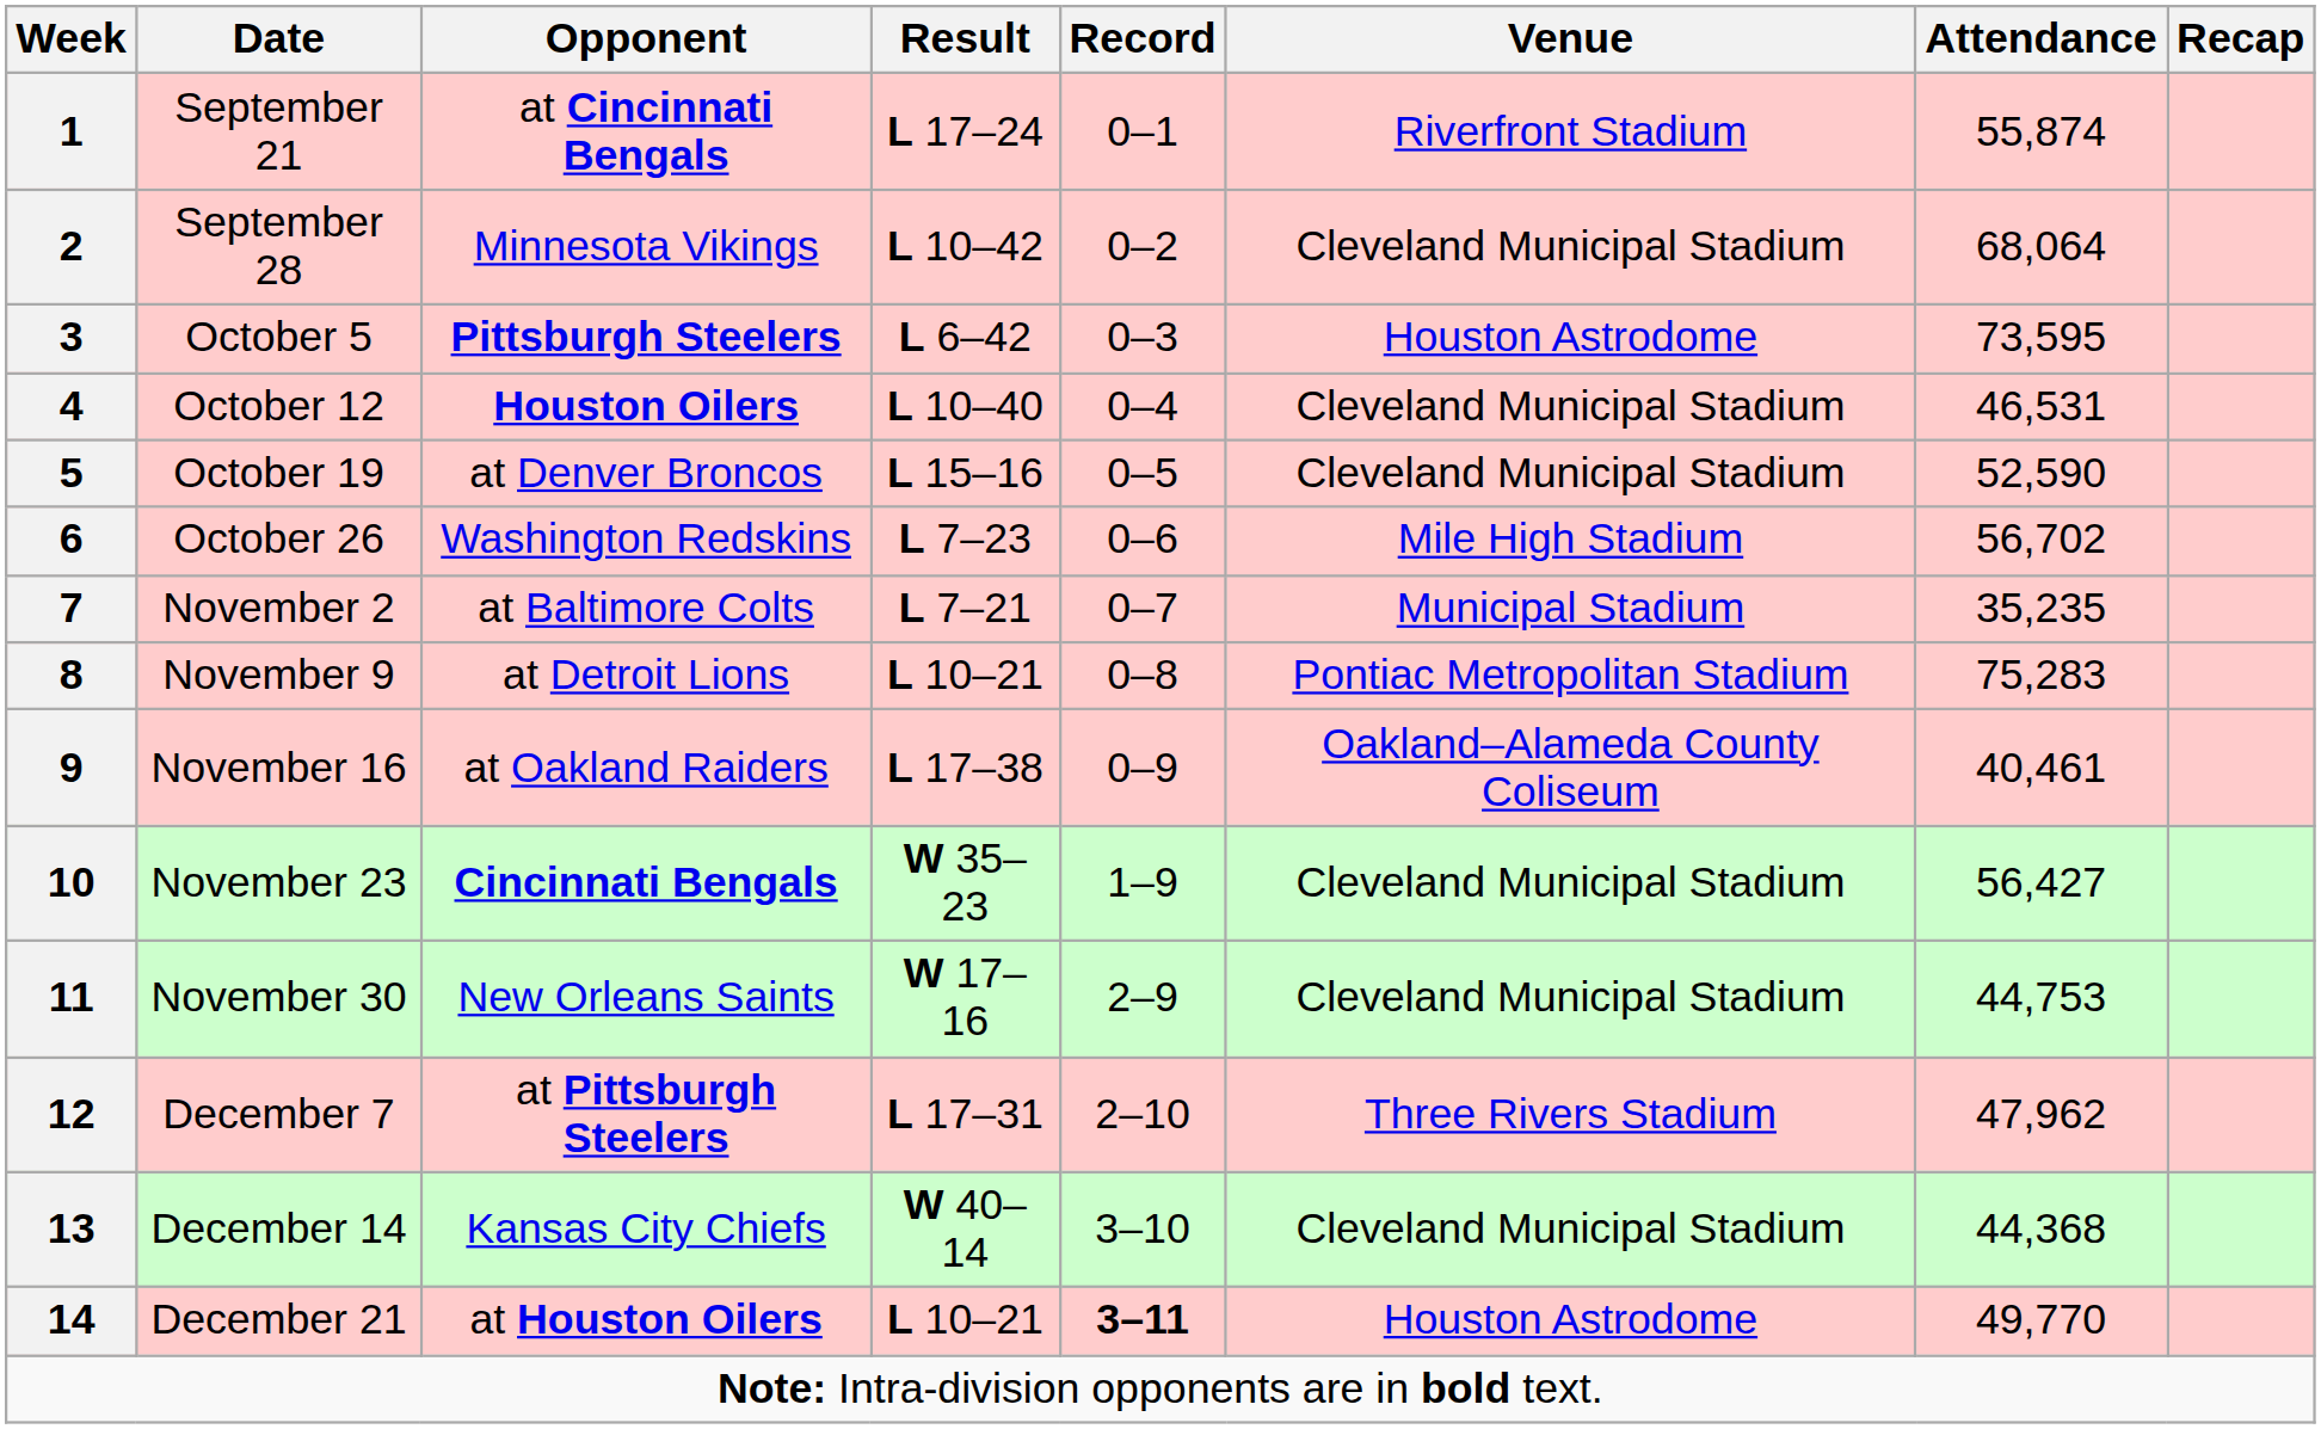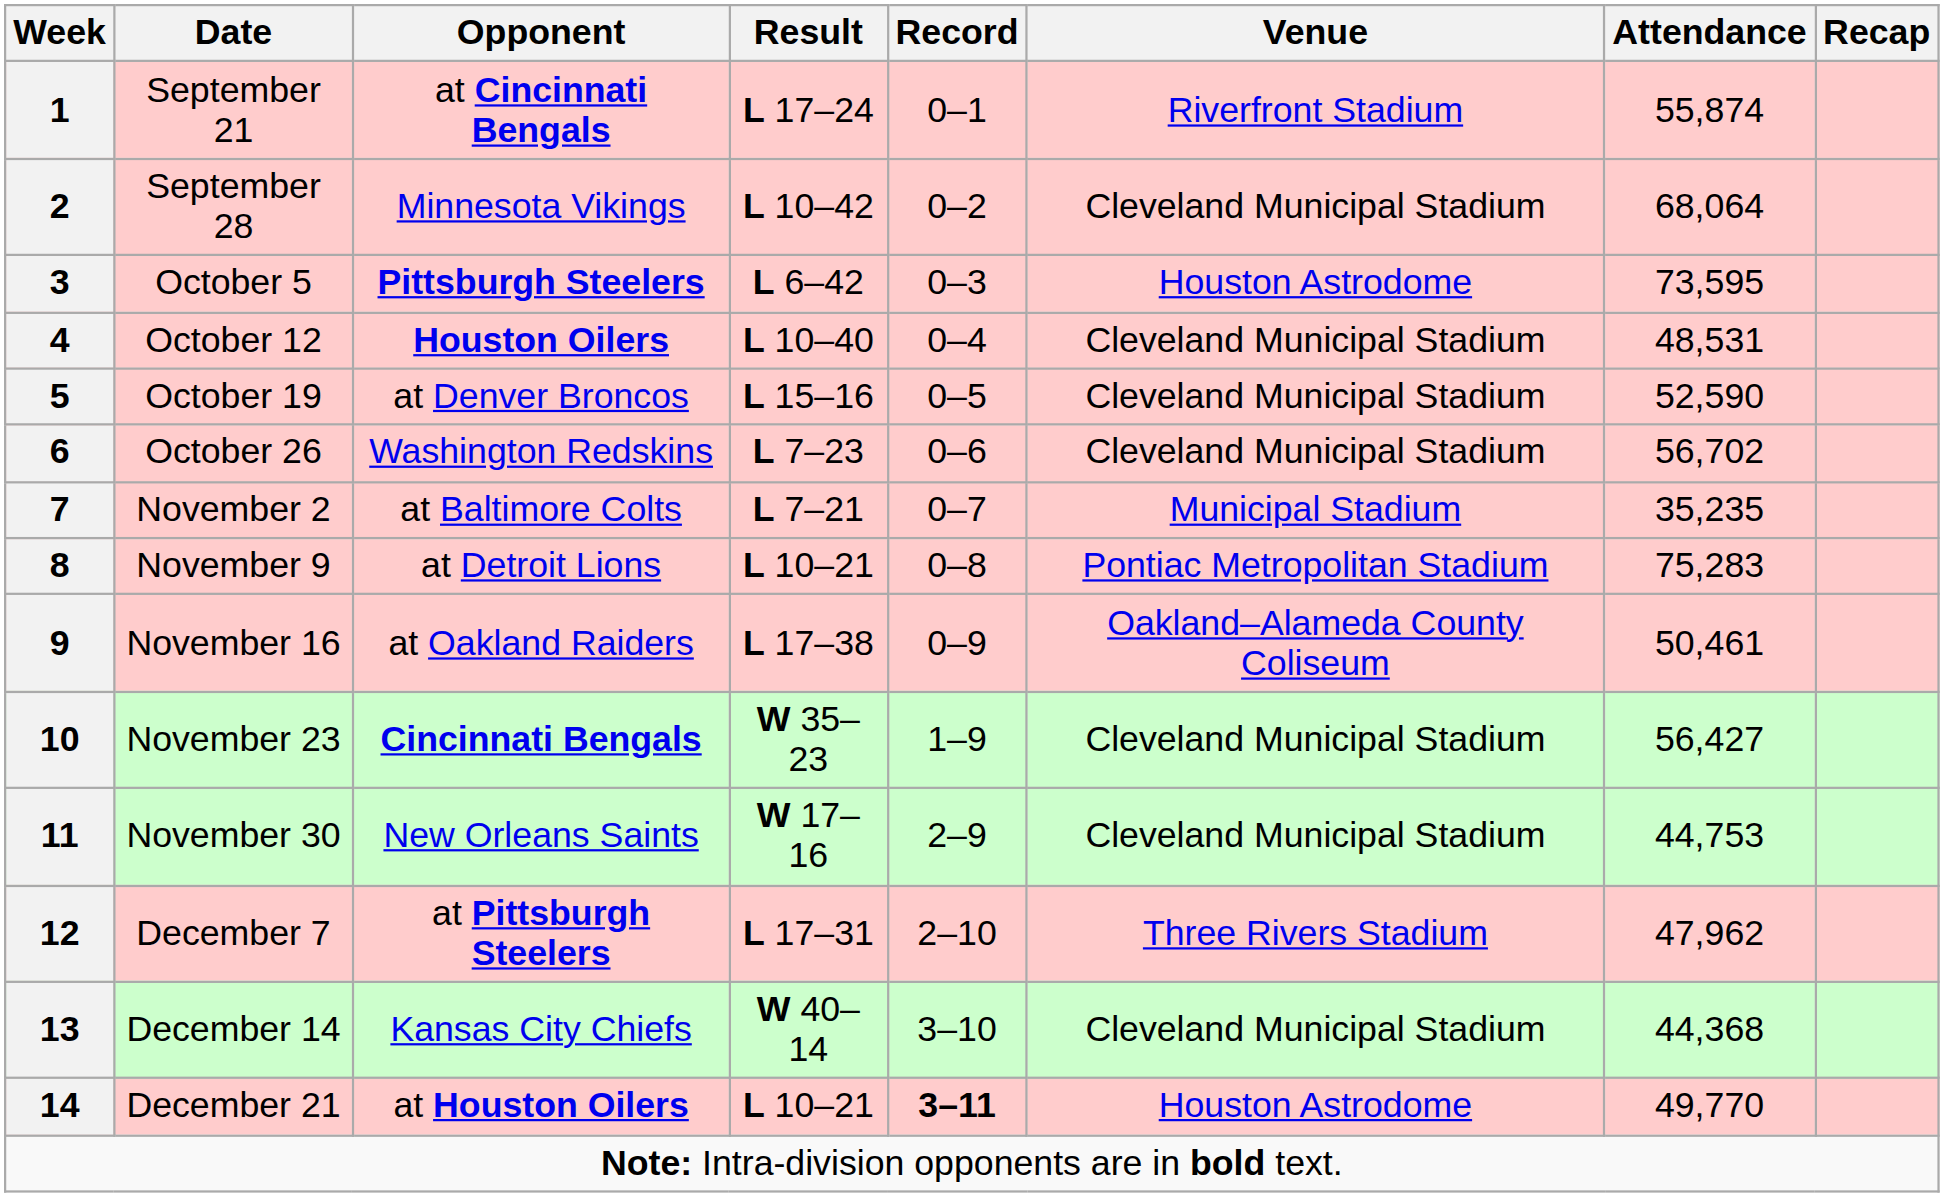 <table class="wikitable" style="text-align:center">
 <tr>
 <th>Week</th>
 <th>Date</th>
 <th>Opponent</th>
 <th>Result</th>
 <th>Record</th>
 <th>Venue</th>
 <th>Attendance</th>
 <th>Recap</th>
 </tr>
 <tr style="background:#fcc">
 <th>1</th>
 <td>September 21</td>
 <td>at <strong><a href='#'>Cincinnati Bengals</a></strong></td>
 <td><strong>L</strong> 17–24</td>
 <td>0–1</td>
 <td><a href='#'>Riverfront Stadium</a></td>
 <td>55,874</td>
 <td></td>
 </tr>
 <tr style="background:#fcc">
 <th>2</th>
 <td>September 28</td>
 <td><a href='#'>Minnesota Vikings</a></td>
 <td><strong>L</strong> 10–42</td>
 <td>0–2</td>
 <td>Cleveland Municipal Stadium</td>
 <td>68,064</td>
 <td></td>
 </tr>
 <tr style="background:#fcc">
 <th>3</th>
 <td>October 5</td>
 <td><strong><a href='#'>Pittsburgh Steelers</a></strong></td>
 <td><strong>L</strong> 6–42</td>
 <td>0–3</td>
 <td><a href='#'>Houston Astrodome</a></td>
 <td>73,595</td>
 <td></td>
 </tr>
 <tr style="background:#fcc">
 <th>4</th>
 <td>October 12</td>
 <td><strong><a href='#'>Houston Oilers</a></strong></td>
 <td><strong>L</strong> 10–40</td>
 <td>0–4</td>
 <td>Cleveland Municipal Stadium</td>
-<td>46,531</td>
+<td>48,531</td>
 <td></td>
 </tr>
 <tr style="background:#fcc">
 <th>5</th>
 <td>October 19</td>
 <td>at <a href='#'>Denver Broncos</a></td>
 <td><strong>L</strong> 15–16</td>
 <td>0–5</td>
 <td>Cleveland Municipal Stadium</td>
 <td>52,590</td>
 <td></td>
 </tr>
 <tr style="background:#fcc">
 <th>6</th>
 <td>October 26</td>
 <td><a href='#'>Washington Redskins</a></td>
 <td><strong>L</strong> 7–23</td>
 <td>0–6</td>
-<td><a href='#'>Mile High Stadium</a></td>
+<td>Cleveland Municipal Stadium</td>
 <td>56,702</td>
 <td></td>
 </tr>
 <tr style="background:#fcc">
 <th>7</th>
 <td>November 2</td>
 <td>at <a href='#'>Baltimore Colts</a></td>
 <td><strong>L</strong> 7–21</td>
 <td>0–7</td>
 <td><a href='#'>Municipal Stadium</a></td>
 <td>35,235</td>
 <td></td>
 </tr>
 <tr style="background:#fcc">
 <th>8</th>
 <td>November 9</td>
 <td>at <a href='#'>Detroit Lions</a></td>
 <td><strong>L</strong> 10–21</td>
 <td>0–8</td>
 <td><a href='#'>Pontiac Metropolitan Stadium</a></td>
 <td>75,283</td>
 <td></td>
 </tr>
 <tr style="background:#fcc">
 <th>9</th>
 <td>November 16</td>
 <td>at <a href='#'>Oakland Raiders</a></td>
 <td><strong>L</strong> 17–38</td>
 <td>0–9</td>
 <td><a href='#'>Oakland–Alameda County Coliseum</a></td>
-<td>40,461</td>
+<td>50,461</td>
 <td></td>
 </tr>
 <tr style="background:#cfc">
 <th>10</th>
 <td>November 23</td>
 <td><strong><a href='#'>Cincinnati Bengals</a></strong></td>
 <td><strong>W</strong> 35–23</td>
 <td>1–9</td>
 <td>Cleveland Municipal Stadium</td>
 <td>56,427</td>
 <td></td>
 </tr>
 <tr style="background:#cfc">
 <th>11</th>
 <td>November 30</td>
 <td><a href='#'>New Orleans Saints</a></td>
 <td><strong>W</strong> 17–16</td>
 <td>2–9</td>
 <td>Cleveland Municipal Stadium</td>
 <td>44,753</td>
 <td></td>
 </tr>
 <tr style="background:#fcc">
 <th>12</th>
 <td>December 7</td>
 <td>at <strong><a href='#'>Pittsburgh Steelers</a></strong></td>
 <td><strong>L</strong> 17–31</td>
 <td>2–10</td>
 <td><a href='#'>Three Rivers Stadium</a></td>
 <td>47,962</td>
 <td></td>
 </tr>
 <tr style="background:#cfc">
 <th>13</th>
 <td>December 14</td>
 <td><a href='#'>Kansas City Chiefs</a></td>
 <td><strong>W</strong> 40–14</td>
 <td>3–10</td>
 <td>Cleveland Municipal Stadium</td>
 <td>44,368</td>
 <td></td>
 </tr>
 <tr style="background:#fcc">
 <th>14</th>
 <td>December 21</td>
 <td>at <strong><a href='#'>Houston Oilers</a></strong></td>
 <td><strong>L</strong> 10–21</td>
 <td><strong>3–11</strong></td>
 <td><a href='#'>Houston Astrodome</a></td>
 <td>49,770</td>
 <td></td>
 </tr>
 <tr>
 <td colspan="8"><strong>Note:</strong> Intra-division opponents are in <strong>bold</strong> text.</td>
 </tr>
 </table>
